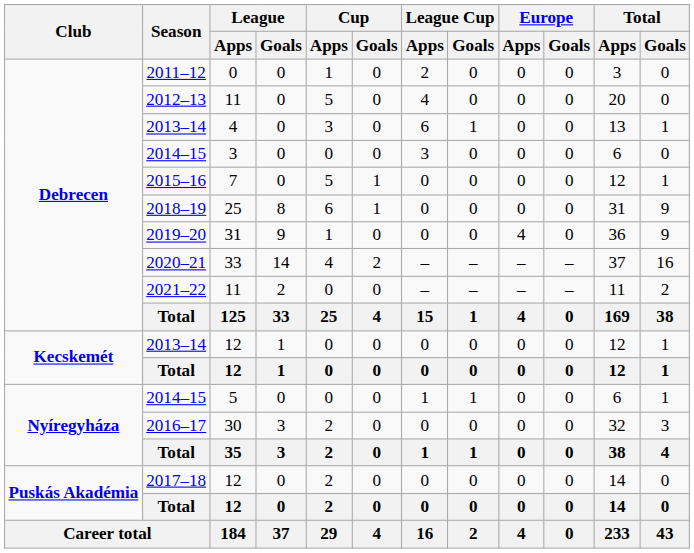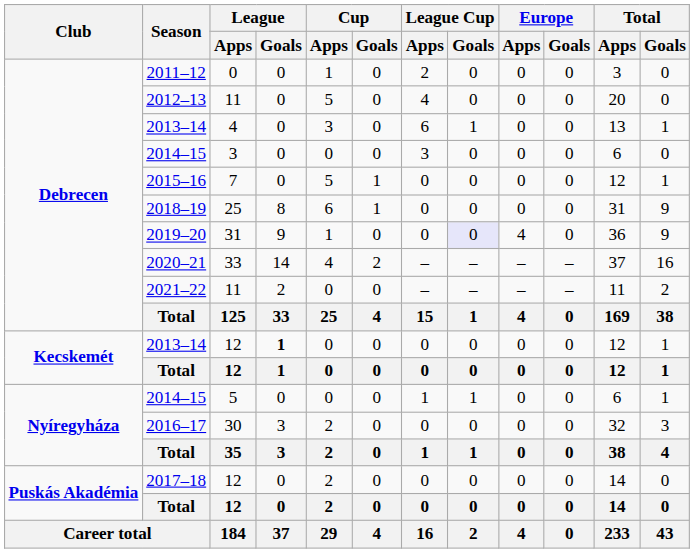 <table class="wikitable" style="text-align: center;">
 <tr>
 <th rowspan="2">Club</th>
 <th rowspan="2">Season</th>
 <th colspan="2">League</th>
 <th colspan="2">Cup</th>
 <th colspan="2">League Cup</th>
 <th colspan="2"><a href='#'>Europe</a></th>
 <th colspan="2">Total</th>
 </tr>
 <tr>
 <th>Apps</th>
 <th>Goals</th>
 <th>Apps</th>
 <th>Goals</th>
 <th>Apps</th>
 <th>Goals</th>
 <th>Apps</th>
 <th>Goals</th>
 <th>Apps</th>
 <th>Goals</th>
 </tr>
 <tr>
 <td rowspan="10"><strong><a href='#'>Debrecen</a></strong></td>
 <td><a href='#'>2011–12</a></td>
 <td>0</td>
 <td>0</td>
 <td>1</td>
 <td>0</td>
 <td>2</td>
 <td>0</td>
 <td>0</td>
 <td>0</td>
 <td>3</td>
 <td>0</td>
 </tr>
 <tr>
 <td><a href='#'>2012–13</a></td>
 <td>11</td>
 <td>0</td>
 <td>5</td>
 <td>0</td>
 <td>4</td>
 <td>0</td>
 <td>0</td>
 <td>0</td>
 <td>20</td>
 <td>0</td>
 </tr>
 <tr>
 <td><a href='#'>2013–14</a></td>
 <td>4</td>
 <td>0</td>
 <td>3</td>
 <td>0</td>
 <td>6</td>
 <td>1</td>
 <td>0</td>
 <td>0</td>
 <td>13</td>
 <td>1</td>
 </tr>
 <tr>
 <td><a href='#'>2014–15</a></td>
 <td>3</td>
 <td>0</td>
 <td>0</td>
 <td>0</td>
 <td>3</td>
 <td>0</td>
 <td>0</td>
 <td>0</td>
 <td>6</td>
 <td>0</td>
 </tr>
 <tr>
 <td><a href='#'>2015–16</a></td>
 <td>7</td>
 <td>0</td>
 <td>5</td>
 <td>1</td>
 <td>0</td>
 <td>0</td>
 <td>0</td>
 <td>0</td>
 <td>12</td>
 <td>1</td>
 </tr>
 <tr>
 <td><a href='#'>2018–19</a></td>
 <td>25</td>
 <td>8</td>
 <td>6</td>
 <td>1</td>
 <td>0</td>
 <td>0</td>
 <td>0</td>
 <td>0</td>
 <td>31</td>
 <td>9</td>
 </tr>
 <tr>
 <td><a href='#'>2019–20</a></td>
 <td>31</td>
 <td>9</td>
 <td>1</td>
 <td>0</td>
 <td>0</td>
-<td>0</td>
+<td style="background: lavender;">0</td>
 <td>4</td>
 <td>0</td>
 <td>36</td>
 <td>9</td>
 </tr>
 <tr>
 <td><a href='#'>2020–21</a></td>
 <td>33</td>
 <td>14</td>
 <td>4</td>
 <td>2</td>
 <td>–</td>
 <td>–</td>
 <td>–</td>
 <td>–</td>
 <td>37</td>
 <td>16</td>
 </tr>
 <tr>
 <td><a href='#'>2021–22</a></td>
 <td>11</td>
 <td>2</td>
 <td>0</td>
 <td>0</td>
 <td>–</td>
 <td>–</td>
 <td>–</td>
 <td>–</td>
 <td>11</td>
 <td>2</td>
 </tr>
 <tr>
 <th>Total</th>
 <th>125</th>
 <th>33</th>
 <th>25</th>
 <th>4</th>
 <th>15</th>
 <th>1</th>
 <th>4</th>
 <th>0</th>
 <th>169</th>
 <th>38</th>
 </tr>
 <tr>
 <td rowspan="2"><strong><a href='#'>Kecskemét</a></strong></td>
 <td><a href='#'>2013–14</a></td>
 <td>12</td>
-<td>1</td>
+<td><strong>1</strong></td>
 <td>0</td>
 <td>0</td>
 <td>0</td>
 <td>0</td>
 <td>0</td>
 <td>0</td>
 <td>12</td>
 <td>1</td>
 </tr>
 <tr>
 <th>Total</th>
 <th>12</th>
 <th>1</th>
 <th>0</th>
 <th>0</th>
 <th>0</th>
 <th>0</th>
 <th>0</th>
 <th>0</th>
 <th>12</th>
 <th>1</th>
 </tr>
 <tr>
 <td rowspan="3"><strong><a href='#'>Nyíregyháza</a></strong></td>
 <td><a href='#'>2014–15</a></td>
 <td>5</td>
 <td>0</td>
 <td>0</td>
 <td>0</td>
 <td>1</td>
 <td>1</td>
 <td>0</td>
 <td>0</td>
 <td>6</td>
 <td>1</td>
 </tr>
 <tr>
 <td><a href='#'>2016–17</a></td>
 <td>30</td>
 <td>3</td>
 <td>2</td>
 <td>0</td>
 <td>0</td>
 <td>0</td>
 <td>0</td>
 <td>0</td>
 <td>32</td>
 <td>3</td>
 </tr>
 <tr>
 <th>Total</th>
 <th>35</th>
 <th>3</th>
 <th>2</th>
 <th>0</th>
 <th>1</th>
 <th>1</th>
 <th>0</th>
 <th>0</th>
 <th>38</th>
 <th>4</th>
 </tr>
 <tr>
 <td rowspan="2"><strong><a href='#'>Puskás Akadémia</a></strong></td>
 <td><a href='#'>2017–18</a></td>
 <td>12</td>
 <td>0</td>
 <td>2</td>
 <td>0</td>
 <td>0</td>
 <td>0</td>
 <td>0</td>
 <td>0</td>
 <td>14</td>
 <td>0</td>
 </tr>
 <tr>
 <th>Total</th>
 <th>12</th>
 <th>0</th>
 <th>2</th>
 <th>0</th>
 <th>0</th>
 <th>0</th>
 <th>0</th>
 <th>0</th>
 <th>14</th>
 <th>0</th>
 </tr>
 <tr>
 <th colspan="2">Career total</th>
 <th>184</th>
 <th>37</th>
 <th>29</th>
 <th>4</th>
 <th>16</th>
 <th>2</th>
 <th>4</th>
 <th>0</th>
 <th>233</th>
 <th>43</th>
 </tr>
 </table>
